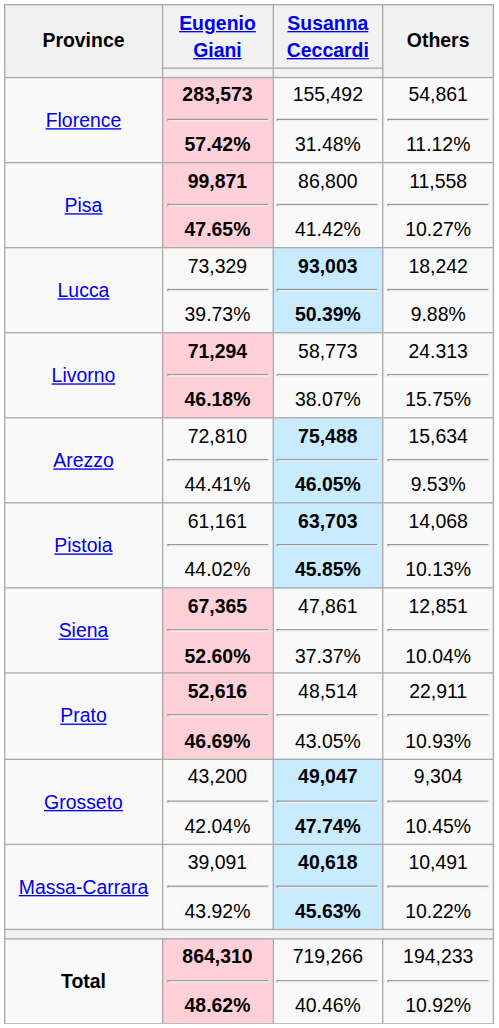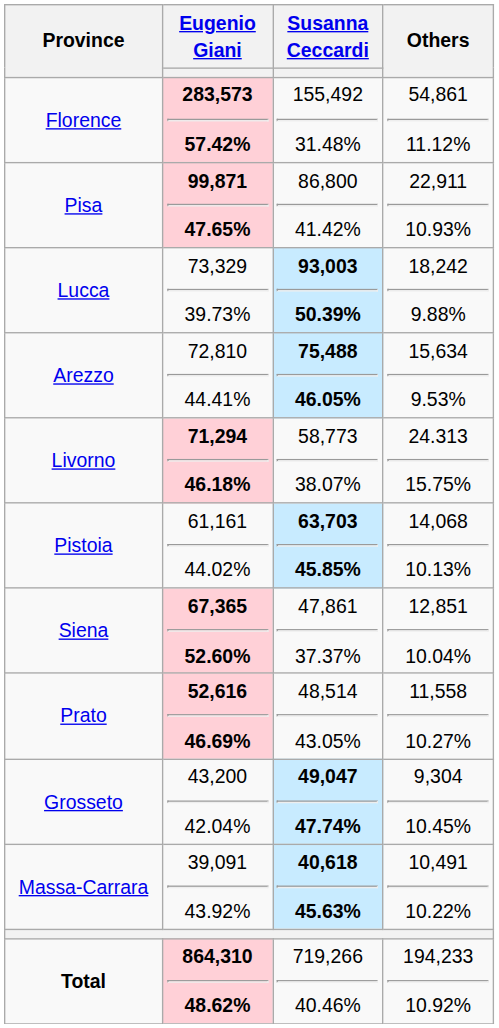 <table class="wikitable" style="text-align:center;font-size:90%;line-height:20px">
 <tr style="height:30px; background-color:#E9E9E9">
 <th style="width:110px;" rowspan="2">Province</th>
 <th style="width:75px;"><a href='#'>Eugenio Giani</a></th>
 <th style="width:75px;"><a href='#'>Susanna Ceccardi</a></th>
 <th rowspan="2" style="width:75px;">Others</th>
 </tr>
 <tr>
 <th style="background:"></th>
 <th style="background:"></th>
 </tr>
 <tr>
 <td><a href='#'>Florence</a></td>
 <td style="background:#FFD0D7"><strong>283,573 <hr>57.42%</strong></td>
 <td>155,492 <hr>31.48%</td>
 <td>54,861 <hr>11.12%</td>
 </tr>
 <tr>
 <td><a href='#'>Pisa</a></td>
 <td style="background:#FFD0D7"><strong>99,871 <hr>47.65%</strong></td>
 <td>86,800 <hr>41.42%</td>
-<td>11,558 <hr>10.27%</td>
+<td>22,911 <hr>10.93%</td>
 </tr>
 <tr>
 <td><a href='#'>Lucca</a></td>
 <td>73,329 <hr>39.73%</td>
 <td style="background:#C8EBFF"><strong>93,003 <hr>50.39%</strong></td>
 <td>18,242 <hr>9.88%</td>
 </tr>
 <tr>
+<td><a href='#'>Arezzo</a></td>
+<td>72,810 <hr>44.41%</td>
+<td style="background:#C8EBFF"><strong>75,488 <hr>46.05%</strong></td>
+<td>15,634 <hr>9.53%</td>
+</tr>
+<tr>
 <td><a href='#'>Livorno</a></td>
 <td style="background:#FFD0D7"><strong>71,294<hr>46.18%</strong></td>
 <td>58,773 <hr>38.07%</td>
 <td>24.313 <hr>15.75%</td>
-</tr>
-<tr>
-<td><a href='#'>Arezzo</a></td>
-<td>72,810 <hr>44.41%</td>
-<td style="background:#C8EBFF"><strong>75,488 <hr>46.05%</strong></td>
-<td>15,634 <hr>9.53%</td>
 </tr>
 <tr>
 <td><a href='#'>Pistoia</a></td>
 <td>61,161<hr>44.02%</td>
 <td style="background:#C8EBFF"><strong>63,703 <hr>45.85%</strong></td>
 <td>14,068 <hr>10.13%</td>
 </tr>
 <tr>
 <td><a href='#'>Siena</a></td>
 <td style="background:#FFD0D7"><strong>67,365<hr>52.60%</strong></td>
 <td>47,861 <hr>37.37%</td>
 <td>12,851 <hr>10.04%</td>
 </tr>
 <tr>
 <td><a href='#'>Prato</a></td>
 <td style="background:#FFD0D7"><strong>52,616<hr>46.69%</strong></td>
 <td>48,514 <hr>43.05%</td>
-<td>22,911 <hr>10.93%</td>
+<td>11,558 <hr>10.27%</td>
 </tr>
 <tr>
 <td><a href='#'>Grosseto</a></td>
 <td>43,200 <hr>42.04%</td>
 <td style="background:#C8EBFF"><strong>49,047 <hr>47.74%</strong></td>
 <td>9,304 <hr>10.45%</td>
 </tr>
 <tr>
 <td><a href='#'>Massa-Carrara</a></td>
 <td>39,091 <hr>43.92%</td>
 <td style="background:#C8EBFF"><strong>40,618 <hr>45.63%</strong></td>
 <td>10,491 <hr>10.22%</td>
 </tr>
 <tr>
 <th colspan=4></th>
 </tr>
 <tr>
 <td><strong>Total</strong></td>
 <td style="background:#FFD0D7"><strong>864,310<hr>48.62%</strong></td>
 <td>719,266 <hr>40.46%</td>
 <td>194,233 <hr>10.92%</td>
 </tr>
 </table>
